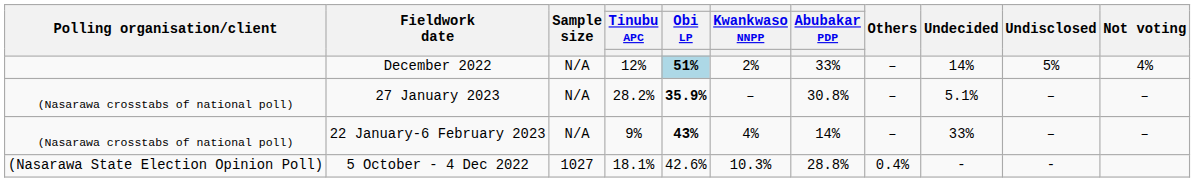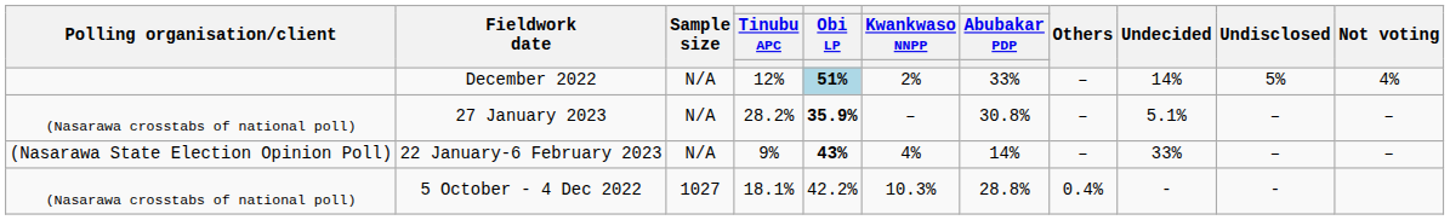 <table class="wikitable" style="text-align:center;font-size:95%;line-height:14px;">
 <tr>
 <th rowspan="3">Polling organisation/client</th>
 <th rowspan="3">Fieldwork<br>date</th>
 <th rowspan="3">Sample<br>size</th>
 <th></th>
 <th></th>
 <th></th>
 <th></th>
 <th rowspan="3">Others</th>
 <th rowspan="3">Undecided</th>
 <th rowspan="3">Undisclosed</th>
 <th rowspan="3">Not voting</th>
 </tr>
 <tr>
 <th><a href='#'>Tinubu</a><br><small><a href='#'>APC</a></small></th>
 <th><a href='#'>Obi</a><br><small><a href='#'>LP</a></small></th>
 <th><a href='#'>Kwankwaso</a><br><small><a href='#'>NNPP</a></small></th>
 <th><a href='#'>Abubakar</a><br><small><a href='#'>PDP</a></small></th>
 </tr>
 <tr>
 <th style="background:"></th>
 <th style="background:"></th>
 <th style="background:"></th>
 <th style="background:"></th>
 </tr>
 <tr>
 <td></td>
 <td>December 2022</td>
 <td>N/A</td>
 <td>12%</td>
 <td style="background: lightblue;"><strong>51%</strong></td>
 <td>2%</td>
 <td>33%</td>
 <td>–</td>
 <td>14%</td>
 <td>5%</td>
 <td>4%</td>
 </tr>
 <tr>
 <td><br><small>(Nasarawa crosstabs of national poll)</small></td>
 <td>27 January 2023</td>
 <td>N/A</td>
 <td>28.2%</td>
 <td><strong>35.9%</strong></td>
 <td>–</td>
 <td>30.8%</td>
 <td>–</td>
 <td>5.1%</td>
 <td>–</td>
 <td>–</td>
 </tr>
 <tr>
-<td><br><small>(Nasarawa crosstabs of national poll)</small></td>
+<td><em></em> (Nasarawa State Election Opinion Poll)</td>
 <td>22 January-6 February 2023</td>
 <td>N/A</td>
 <td>9%</td>
 <td><strong>43%</strong></td>
 <td>4%</td>
 <td>14%</td>
 <td>–</td>
 <td>33%</td>
 <td>–</td>
 <td>–</td>
 </tr>
 <tr>
-<td><em></em> (Nasarawa State Election Opinion Poll)</td>
+<td><br><small>(Nasarawa crosstabs of national poll)</small></td>
 <td>5 October - 4 Dec 2022</td>
 <td>1027</td>
 <td>18.1%</td>
-<td>42.6%</td>
+<td>42.2%</td>
 <td>10.3%</td>
 <td>28.8%</td>
 <td>0.4%</td>
 <td>-</td>
 <td>-</td>
 <td></td>
 </tr>
 </table>
